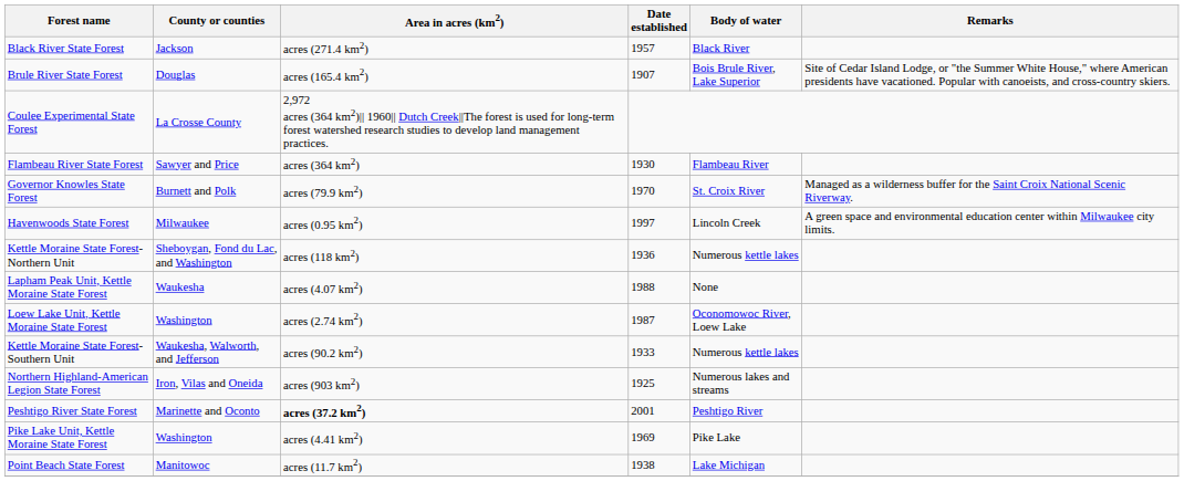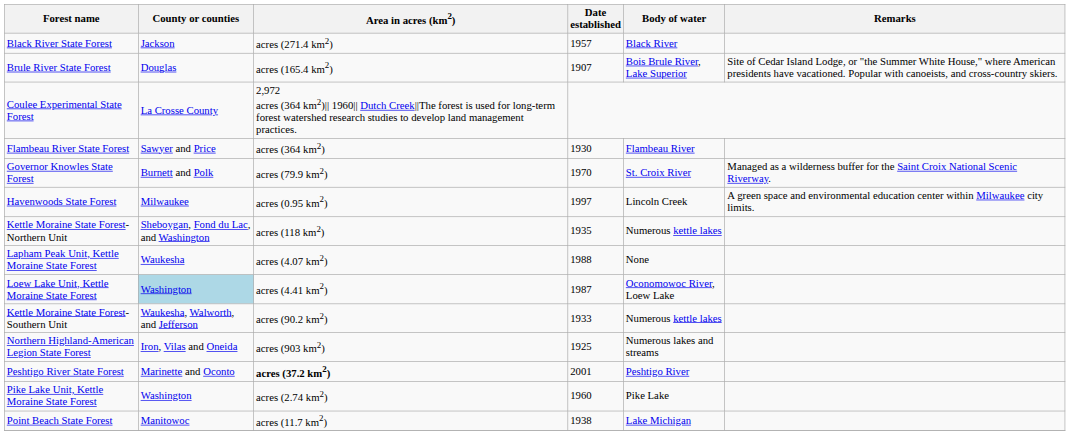 <table class="wikitable sortable" style="width:100%">
 <tr>
 <th width="*"><strong>Forest name</strong></th>
 <th width="*"><strong>County or counties</strong></th>
 <th width="*"><strong>Area</strong> in acres (km<sup>2</sup>)</th>
 <th width="*"><strong>Date <br>established</strong></th>
 <th width="*"><strong>Body of water</strong></th>
 <th width="*"><strong>Remarks</strong></th>
 </tr>
 <tr ->
 <td><a href='#'>Black River State Forest</a> </td>
 <td><a href='#'>Jackson</a></td>
 <td> acres (271.4 km<sup>2</sup>)</td>
 <td>1957</td>
 <td><a href='#'>Black River</a></td>
 <td></td>
 </tr>
 <tr ->
 <td><a href='#'>Brule River State Forest</a> </td>
 <td><a href='#'>Douglas</a></td>
 <td> acres (165.4 km<sup>2</sup>)</td>
 <td>1907</td>
 <td><a href='#'>Bois Brule River</a>, <a href='#'>Lake Superior</a></td>
 <td>Site of Cedar Island Lodge, or "the Summer White House," where American presidents have vacationed. Popular with canoeists, and cross-country skiers.</td>
 </tr>
 <tr ->
 <td><a href='#'>Coulee Experimental State Forest</a> </td>
 <td><a href='#'>La Crosse County</a></td>
 <td>2,972<br>acres  (364 km<sup>2</sup>)|| 1960|| <a href='#'>Dutch Creek</a>||The forest is used for long-term forest watershed research studies to develop land management practices.</td>
 </tr>
 <tr ->
 <td><a href='#'>Flambeau River State Forest</a> </td>
 <td><a href='#'>Sawyer</a> and <a href='#'>Price</a></td>
 <td> acres (364 km<sup>2</sup>)</td>
 <td>1930</td>
 <td><a href='#'>Flambeau River</a></td>
 <td></td>
 </tr>
 <tr ->
 <td><a href='#'>Governor Knowles State Forest</a> </td>
 <td><a href='#'>Burnett</a> and <a href='#'>Polk</a></td>
 <td> acres (79.9 km<sup>2</sup>)</td>
 <td>1970</td>
 <td><a href='#'>St. Croix River</a></td>
 <td>Managed as a wilderness buffer for the <a href='#'>Saint Croix National Scenic Riverway</a>.</td>
 </tr>
 <tr ->
 <td><a href='#'>Havenwoods State Forest</a> </td>
 <td><a href='#'>Milwaukee</a></td>
 <td> acres (0.95 km<sup>2</sup>)</td>
 <td>1997</td>
 <td>Lincoln Creek</td>
 <td>A green space and environmental education center within <a href='#'>Milwaukee</a> city limits.</td>
 </tr>
 <tr ->
 <td><a href='#'>Kettle Moraine State Forest</a>-Northern Unit </td>
 <td><a href='#'>Sheboygan</a>, <a href='#'>Fond du Lac</a>, and <a href='#'>Washington</a></td>
 <td> acres (118 km<sup>2</sup>)</td>
-<td>1936</td>
+<td>1935</td>
 <td>Numerous <a href='#'>kettle lakes</a></td>
 <td></td>
 </tr>
 <tr ->
 <td><a href='#'>Lapham Peak Unit, Kettle Moraine State Forest</a> </td>
 <td><a href='#'>Waukesha</a></td>
 <td> acres (4.07 km<sup>2</sup>)</td>
 <td>1988</td>
 <td>None</td>
 <td></td>
 </tr>
 <tr ->
 <td><a href='#'>Loew Lake Unit, Kettle Moraine State Forest</a></td>
-<td><a href='#'>Washington</a></td>
-<td> acres (2.74 km<sup>2</sup>)</td>
+<td style="background: lightblue;"><a href='#'>Washington</a></td>
+<td> acres (4.41 km<sup>2</sup>)</td>
 <td>1987</td>
 <td><a href='#'>Oconomowoc River</a>, Loew Lake</td>
 <td></td>
 </tr>
 <tr ->
 <td><a href='#'>Kettle Moraine State Forest</a>-Southern Unit </td>
 <td><a href='#'>Waukesha</a>, <a href='#'>Walworth</a>, and <a href='#'>Jefferson</a></td>
 <td> acres (90.2 km<sup>2</sup>)</td>
 <td>1933</td>
 <td>Numerous <a href='#'>kettle lakes</a></td>
 <td></td>
 </tr>
 <tr ->
 <td><a href='#'>Northern Highland-American Legion State Forest</a> </td>
 <td><a href='#'>Iron</a>, <a href='#'>Vilas</a> and <a href='#'>Oneida</a></td>
 <td> acres (903 km<sup>2</sup>)</td>
 <td>1925</td>
 <td>Numerous lakes and streams</td>
 <td></td>
 </tr>
 <tr ->
 <td><a href='#'>Peshtigo River State Forest</a> </td>
 <td><a href='#'>Marinette</a> and <a href='#'>Oconto</a></td>
 <td><strong> acres (37.2 km<sup>2</sup>)</strong></td>
 <td>2001</td>
 <td><a href='#'>Peshtigo River</a></td>
 <td></td>
 </tr>
 <tr ->
 <td><a href='#'>Pike Lake Unit, Kettle Moraine State Forest</a> </td>
 <td><a href='#'>Washington</a></td>
-<td> acres (4.41 km<sup>2</sup>)</td>
-<td>1969</td>
+<td> acres (2.74 km<sup>2</sup>)</td>
+<td>1960</td>
 <td>Pike Lake</td>
 <td></td>
 </tr>
 <tr ->
 <td><a href='#'>Point Beach State Forest</a> </td>
 <td><a href='#'>Manitowoc</a></td>
 <td> acres (11.7 km<sup>2</sup>)</td>
 <td>1938</td>
 <td><a href='#'>Lake Michigan</a></td>
 <td></td>
 </tr>
 <tr ->
 </tr>
 </table>
